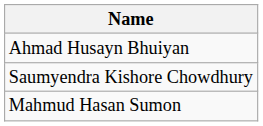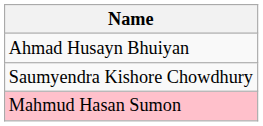 <table class="wikitable">
 <tr>
 <th>Name</th>
 </tr>
 <tr>
 <td>Ahmad Husayn Bhuiyan</td>
 </tr>
 <tr>
 <td>Saumyendra Kishore Chowdhury</td>
 </tr>
 <tr>
-<td>Mahmud Hasan Sumon</td>
+<td style="background: pink;">Mahmud Hasan Sumon</td>
 </tr>
 </table>
